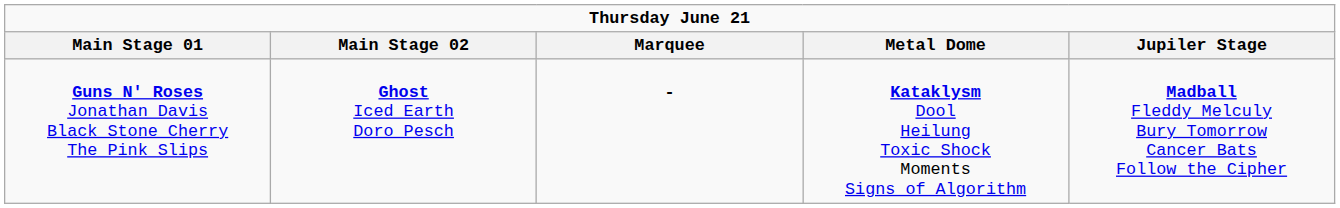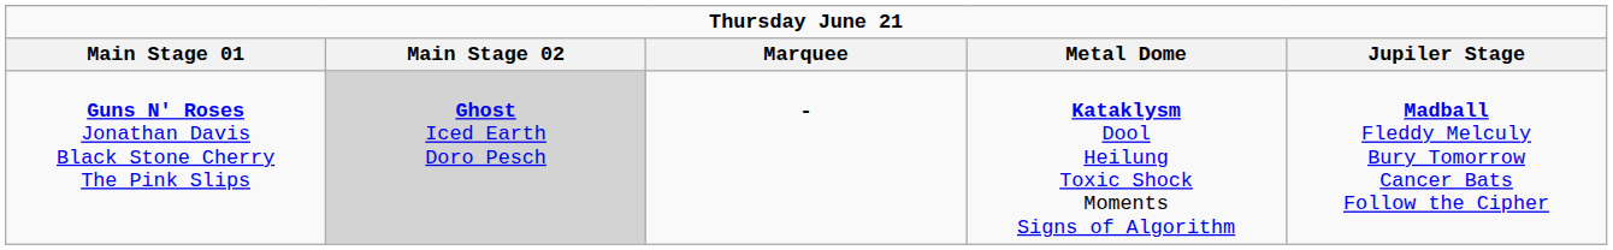 <table class="wikitable">
 <tr>
 <td colspan="5" style="text-align:center;"><strong>Thursday June 21</strong></td>
 </tr>
 <tr>
 <th>Main Stage 01</th>
 <th>Main Stage 02</th>
 <th>Marquee</th>
 <th>Metal Dome</th>
 <th>Jupiler Stage</th>
 </tr>
 <tr>
 <td style="text-align:center; vertical-align:top; width:200px;"><br><strong><a href='#'>Guns N' Roses</a></strong> <br> <a href='#'>Jonathan Davis</a> <br> <a href='#'>Black Stone Cherry</a> <br> <a href='#'>The Pink Slips</a></td>
-<td style="text-align:center; vertical-align:top; width:200px;"><br><strong><a href='#'>Ghost</a></strong> <br> <a href='#'>Iced Earth</a> <br> <a href='#'>Doro Pesch</a></td>
+<td style="background: lightgrey; text-align:center; vertical-align:top; width:200px;"><br><strong><a href='#'>Ghost</a></strong> <br> <a href='#'>Iced Earth</a> <br> <a href='#'>Doro Pesch</a></td>
 <td style="text-align:center; vertical-align:top; width:200px;"><br><strong>-</strong></td>
 <td style="text-align:center; vertical-align:top; width:200px;"><br><strong><a href='#'>Kataklysm</a></strong> <br> <a href='#'>Dool</a> <br> <a href='#'>Heilung</a><br> <a href='#'>Toxic Shock</a> <br> Moments <br> <a href='#'>Signs of Algorithm</a> <br></td>
 <td style="text-align:center; vertical-align:top; width:200px;"><br><strong><a href='#'>Madball</a></strong> <br> <a href='#'>Fleddy Melculy</a> <br> <a href='#'>Bury Tomorrow</a> <br> <a href='#'>Cancer Bats</a> <br> <a href='#'>Follow the Cipher</a></td>
 </tr>
 </table>
